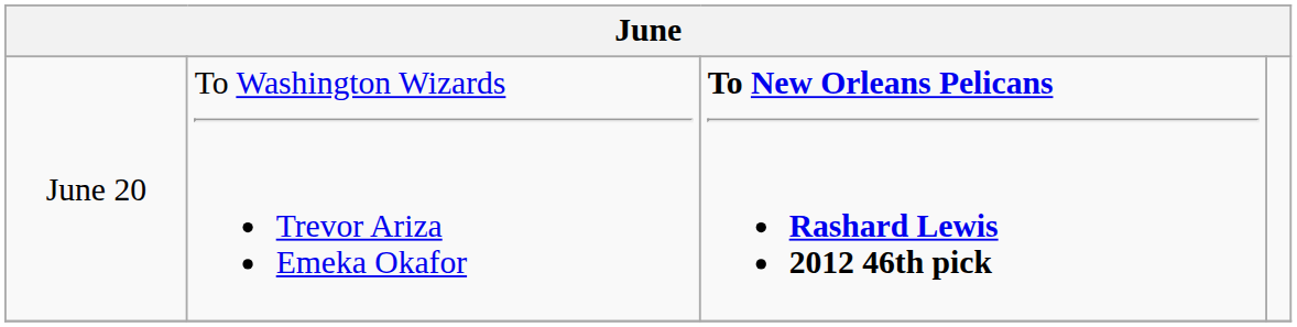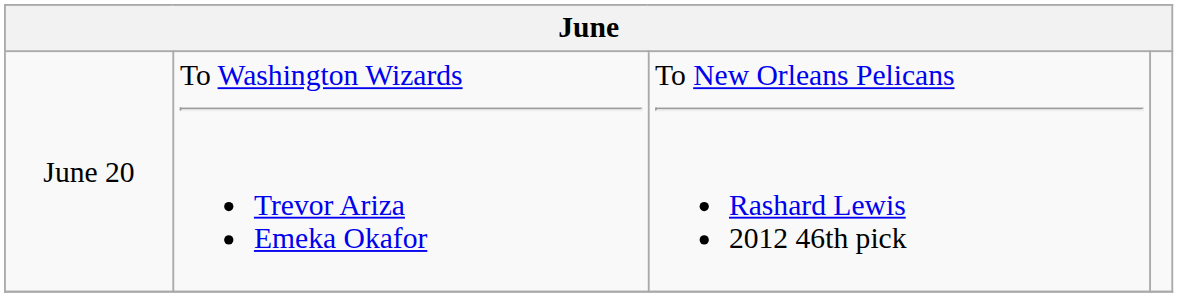 <table class="wikitable" style="text-align:center; width:50%">
 <tr>
 <th colspan=4>June</th>
 </tr>
 <tr>
 <td>June 20</td>
 <td align=left valign=top>To <a href='#'>Washington Wizards</a><hr><br><ul><li><a href='#'>Trevor Ariza</a></li><li><a href='#'>Emeka Okafor</a></li></ul></td>
-<td align=left valign=top><strong>To <a href='#'>New Orleans Pelicans</a><hr><br><ul><li><a href='#'>Rashard Lewis</a></li><li>2012 46th pick</li></ul></strong></td>
+<td align=left valign=top>To <a href='#'>New Orleans Pelicans</a><hr><br><ul><li><a href='#'>Rashard Lewis</a></li><li>2012 46th pick</li></ul></td>
 <td></td>
 </tr>
 <tr>
 </tr>
 </table>
